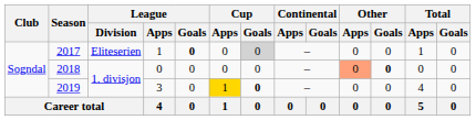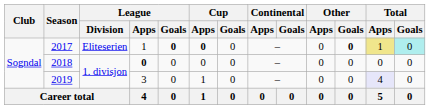 <table class="wikitable" style="text-align: center;">
 <tr>
 <th rowspan="2">Club</th>
 <th rowspan="2">Season</th>
 <th colspan="3">League</th>
 <th colspan="2">Cup</th>
 <th colspan="2">Continental</th>
 <th colspan="2">Other</th>
 <th colspan="2">Total</th>
 </tr>
 <tr>
 <th>Division</th>
 <th>Apps</th>
 <th>Goals</th>
 <th>Apps</th>
 <th>Goals</th>
 <th>Apps</th>
 <th>Goals</th>
 <th>Apps</th>
 <th>Goals</th>
 <th>Apps</th>
 <th>Goals</th>
 </tr>
 <tr>
 <td valign="center" rowspan="3"><a href='#'>Sogndal</a></td>
 <td><a href='#'>2017</a></td>
 <td><a href='#'>Eliteserien</a></td>
 <td>1</td>
 <td><strong>0</strong></td>
+<td><strong>0</strong></td>
 <td>0</td>
-<td style="background: lightgrey;">0</td>
 <td colspan="2">–</td>
 <td>0</td>
-<td>0</td>
-<td>1</td>
-<td>0</td>
+<td><strong>0</strong></td>
+<td style="background: khaki;">1</td>
+<td style="background: paleturquoise;">0</td>
 </tr>
 <tr>
 <td><a href='#'>2018</a></td>
 <td rowspan="2"><a href='#'>1. divisjon</a></td>
-<td>0</td>
+<td><strong>0</strong></td>
 <td>0</td>
 <td>0</td>
 <td>0</td>
 <td colspan="2">–</td>
-<td style="background: lightsalmon;">0</td>
-<td><strong>0</strong></td>
+<td>0</td>
+<td>0</td>
 <td>0</td>
 <td>0</td>
 </tr>
 <tr>
 <td><a href='#'>2019</a></td>
 <td>3</td>
 <td>0</td>
-<td style="background: gold;">1</td>
-<td><strong>0</strong></td>
+<td>1</td>
+<td>0</td>
 <td colspan="2">–</td>
 <td>0</td>
 <td>0</td>
-<td>4</td>
+<td style="background: lavender;">4</td>
 <td>0</td>
 </tr>
 <tr>
 <th colspan="3">Career total</th>
 <th>4</th>
 <th>0</th>
 <th>1</th>
 <th>0</th>
 <th>0</th>
 <th>0</th>
 <th>0</th>
 <th>0</th>
 <th>5</th>
 <th>0</th>
 </tr>
 </table>
